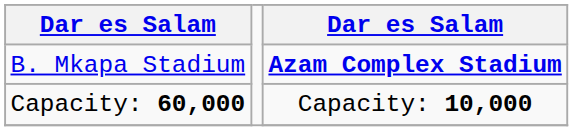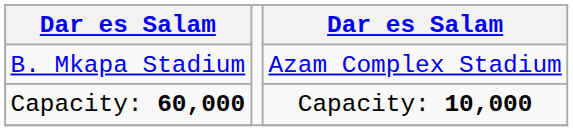 <table class="wikitable" style="text-align:center; margin:0.2em auto;">
 <tr>
 <th><a href='#'>Dar es Salam</a></th>
 <td rowspan="4"></td>
 <th><a href='#'>Dar es Salam</a></th>
 </tr>
 <tr>
 <td><a href='#'>B. Mkapa Stadium</a></td>
-<td><strong><a href='#'>Azam Complex Stadium</a></strong></td>
+<td><a href='#'>Azam Complex Stadium</a></td>
 </tr>
 <tr>
 <td>Capacity: <strong>60,000</strong></td>
 <td>Capacity: <strong>10,000</strong></td>
 </tr>
 <tr>
 </tr>
 </table>
